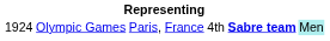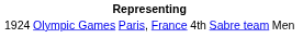 <table>
 <tr>
 <th colspan="6">Representing </th>
 </tr>
 <tr>
 <td rowspan=2>1924</td>
 <td><a href='#'>Olympic Games</a></td>
 <td><a href='#'>Paris</a>, <a href='#'> France</a></td>
 <td>4th</td>
-<td><strong><a href='#'>Sabre team</a></strong></td>
-<td style="background: paleturquoise;">Men</td>
+<td><a href='#'>Sabre team</a></td>
+<td>Men</td>
 </tr>
 </table>
